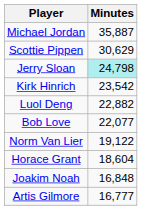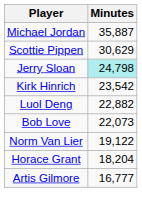 <table class="wikitable sortable">
 <tr>
 <th scope="col">Player</th>
 <th scope="col">Minutes</th>
 </tr>
 <tr>
 <td style="text-align:center"><a href='#'>Michael Jordan</a></td>
 <td style="text-align:right">35,887</td>
 </tr>
 <tr>
 <td style="text-align:center"><a href='#'>Scottie Pippen</a></td>
 <td style="text-align:right">30,629</td>
 </tr>
 <tr>
 <td style="text-align:center"><a href='#'>Jerry Sloan</a></td>
 <td style="background: paleturquoise; text-align:right">24,798</td>
 </tr>
 <tr>
 <td style="text-align:center"><a href='#'>Kirk Hinrich</a></td>
 <td style="text-align:right">23,542</td>
 </tr>
 <tr>
 <td style="text-align:center"><a href='#'>Luol Deng</a></td>
 <td style="text-align:right">22,882</td>
 </tr>
 <tr>
 <td style="text-align:center"><a href='#'>Bob Love</a></td>
-<td style="text-align:right">22,077</td>
+<td style="text-align:right">22,073</td>
 </tr>
 <tr>
 <td style="text-align:center"><a href='#'>Norm Van Lier</a></td>
 <td style="text-align:right">19,122</td>
 </tr>
 <tr>
 <td style="text-align:center"><a href='#'>Horace Grant</a></td>
-<td style="text-align:right">18,604</td>
-</tr>
-<tr>
-<td style="text-align:center"><a href='#'>Joakim Noah</a></td>
-<td style="text-align:right">16,848</td>
+<td style="text-align:right">18,204</td>
 </tr>
 <tr>
 <td style="text-align:center"><a href='#'>Artis Gilmore</a></td>
 <td style="text-align:right">16,777</td>
 </tr>
 </table>
